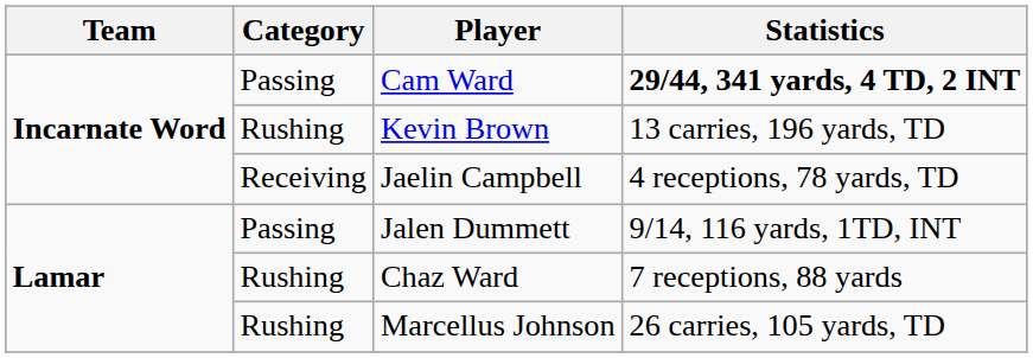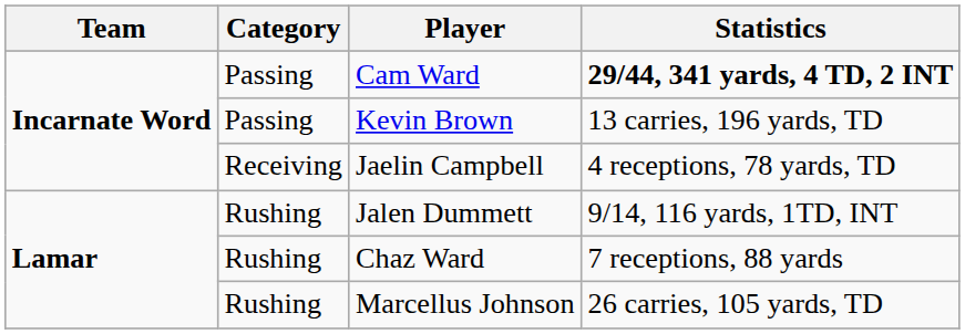 <table class="wikitable" style="float: left;">
 <tr>
 <th>Team</th>
 <th>Category</th>
 <th>Player</th>
 <th>Statistics</th>
 </tr>
 <tr>
 <td rowspan=3><strong>Incarnate Word</strong></td>
 <td>Passing</td>
 <td><a href='#'>Cam Ward</a></td>
 <td><strong>29/44, 341 yards, 4 TD, 2 INT</strong></td>
 </tr>
 <tr>
-<td>Rushing</td>
+<td>Passing</td>
 <td><a href='#'>Kevin Brown</a></td>
 <td>13 carries, 196 yards, TD</td>
 </tr>
 <tr>
 <td>Receiving</td>
 <td>Jaelin Campbell</td>
 <td>4 receptions, 78 yards, TD</td>
 </tr>
 <tr>
 <td rowspan=3><strong>Lamar</strong></td>
-<td>Passing</td>
+<td>Rushing</td>
 <td>Jalen Dummett</td>
 <td>9/14, 116 yards, 1TD,  INT</td>
 </tr>
 <tr>
 <td>Rushing</td>
 <td>Chaz Ward</td>
 <td>7 receptions, 88 yards</td>
 </tr>
 <tr>
 <td>Rushing</td>
 <td>Marcellus Johnson</td>
 <td>26 carries, 105 yards, TD</td>
 </tr>
 </table>
